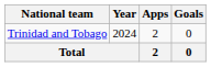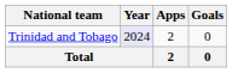 <table class="wikitable" style="text-align: center;">
 <tr>
 <th>National team</th>
 <th>Year</th>
 <th>Apps</th>
 <th>Goals</th>
 </tr>
 <tr>
 <td><a href='#'>Trinidad and Tobago</a></td>
-<td>2024</td>
+<td style="background: lavender;">2024</td>
 <td>2</td>
 <td>0</td>
 </tr>
 <tr>
 <th colspan="2">Total</th>
 <th>2</th>
 <th>0</th>
 </tr>
 </table>
